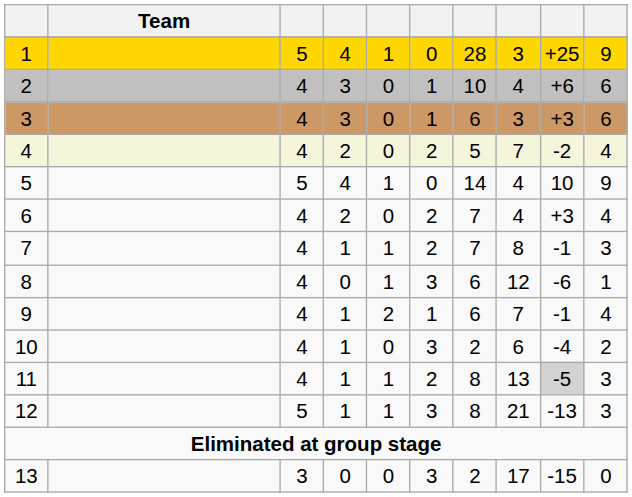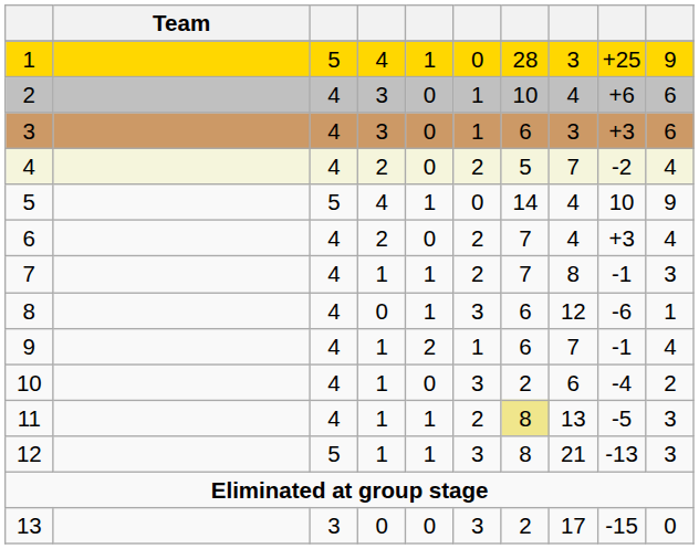 <table class="wikitable" style="font-size: 95%; text-align: center;">
 <tr>
 <th width=25></th>
 <th width=165>Team</th>
 <th width=25></th>
 <th width=25></th>
 <th width=25></th>
 <th width=25></th>
 <th width=25></th>
 <th width=25></th>
 <th width=25></th>
 <th width=25></th>
 </tr>
 <tr>
 </tr>
 <tr>
 </tr>
 <tr style="background:gold;">
 <td>1</td>
 <td style="text-align:left;"></td>
 <td>5</td>
 <td>4</td>
 <td>1</td>
 <td>0</td>
 <td>28</td>
 <td>3</td>
 <td>+25</td>
 <td>9</td>
 </tr>
 <tr style="background:silver;">
 <td>2</td>
 <td style="text-align:left;"></td>
 <td>4</td>
 <td>3</td>
 <td>0</td>
 <td>1</td>
 <td>10</td>
 <td>4</td>
 <td>+6</td>
 <td>6</td>
 </tr>
 <tr style="background:#c96;">
 <td>3</td>
 <td style="text-align:left;"></td>
 <td>4</td>
 <td>3</td>
 <td>0</td>
 <td>1</td>
 <td>6</td>
 <td>3</td>
 <td>+3</td>
 <td>6</td>
 </tr>
 <tr style="background:beige;">
 <td>4</td>
 <td style="text-align:left;"></td>
 <td>4</td>
 <td>2</td>
 <td>0</td>
 <td>2</td>
 <td>5</td>
 <td>7</td>
 <td>-2</td>
 <td>4</td>
 </tr>
 <tr>
 <td>5</td>
 <td style="text-align:left;"></td>
 <td>5</td>
 <td>4</td>
 <td>1</td>
 <td>0</td>
 <td>14</td>
 <td>4</td>
 <td>10</td>
 <td>9</td>
 </tr>
 <tr>
 <td>6</td>
 <td style="text-align:left;"></td>
 <td>4</td>
 <td>2</td>
 <td>0</td>
 <td>2</td>
 <td>7</td>
 <td>4</td>
 <td>+3</td>
 <td>4</td>
 </tr>
 <tr>
 <td>7</td>
 <td style="text-align:left;"></td>
 <td>4</td>
 <td>1</td>
 <td>1</td>
 <td>2</td>
 <td>7</td>
 <td>8</td>
 <td>-1</td>
 <td>3</td>
 </tr>
 <tr>
 <td>8</td>
 <td style="text-align:left;"></td>
 <td>4</td>
 <td>0</td>
 <td>1</td>
 <td>3</td>
 <td>6</td>
 <td>12</td>
 <td>-6</td>
 <td>1</td>
 </tr>
 <tr>
 <td>9</td>
 <td style="text-align:left;"></td>
 <td>4</td>
 <td>1</td>
 <td>2</td>
 <td>1</td>
 <td>6</td>
 <td>7</td>
 <td>-1</td>
 <td>4</td>
 </tr>
 <tr>
 <td>10</td>
 <td style="text-align:left;"></td>
 <td>4</td>
 <td>1</td>
 <td>0</td>
 <td>3</td>
 <td>2</td>
 <td>6</td>
 <td>-4</td>
 <td>2</td>
 </tr>
 <tr>
 <td>11</td>
 <td style="text-align:left;"></td>
 <td>4</td>
 <td>1</td>
 <td>1</td>
 <td>2</td>
-<td>8</td>
+<td style="background: khaki;">8</td>
 <td>13</td>
-<td style="background: lightgrey;">-5</td>
+<td>-5</td>
 <td>3</td>
 </tr>
 <tr>
 <td>12</td>
 <td style="text-align:left;"></td>
 <td>5</td>
 <td>1</td>
 <td>1</td>
 <td>3</td>
 <td>8</td>
 <td>21</td>
 <td>-13</td>
 <td>3</td>
 </tr>
 <tr>
 <td colspan="10"><strong>Eliminated at group stage</strong></td>
 </tr>
 <tr>
 <td>13</td>
 <td style="text-align:left;"></td>
 <td>3</td>
 <td>0</td>
 <td>0</td>
 <td>3</td>
 <td>2</td>
 <td>17</td>
 <td>-15</td>
 <td>0</td>
 </tr>
 </table>
